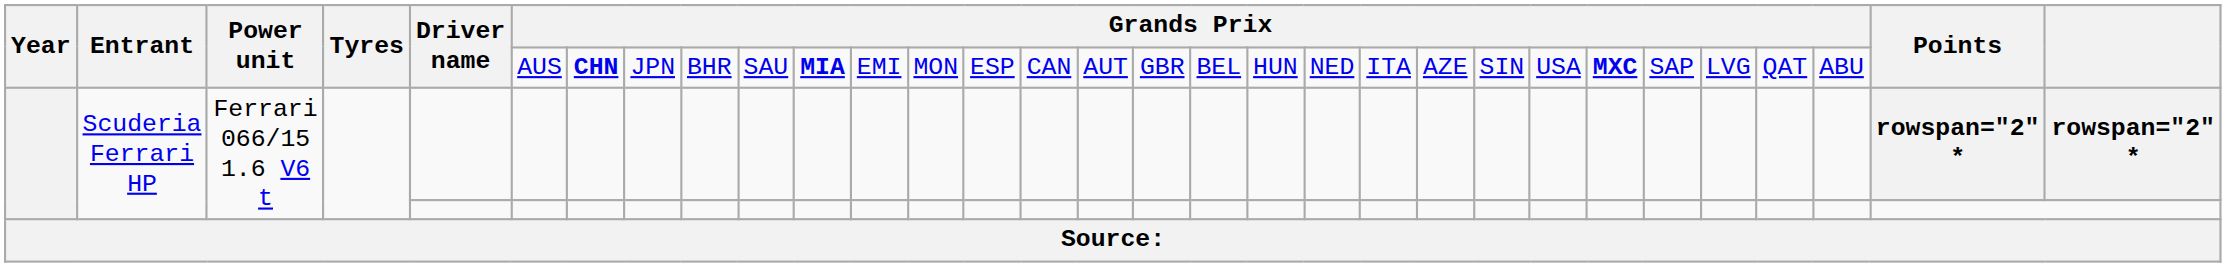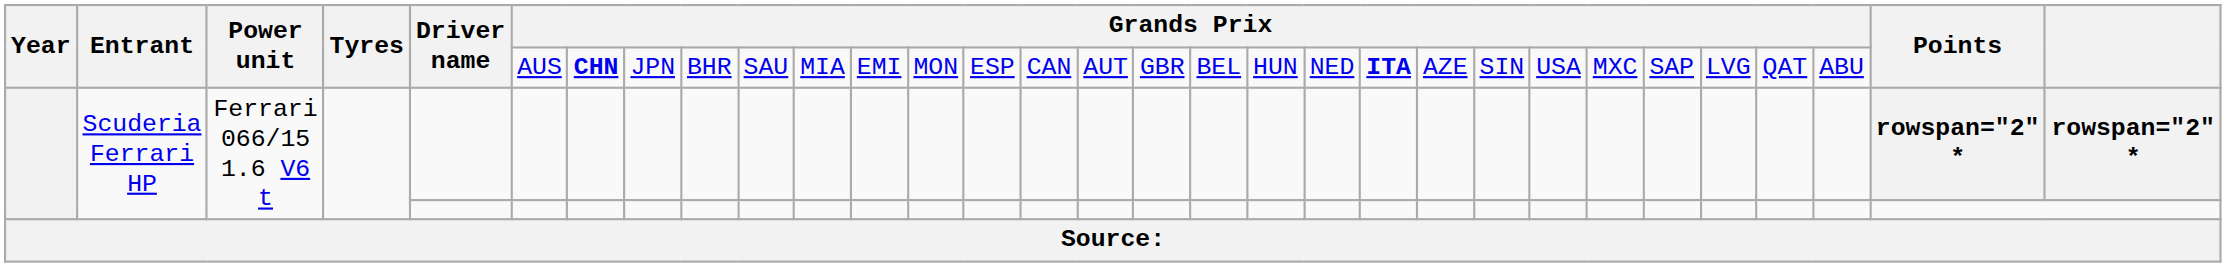 <table class="wikitable" style="text-align:center; font-size:90%">
 <tr>
 <th rowspan="2">Year</th>
 <th rowspan="2">Entrant</th>
 <th rowspan="2">Power unit</th>
 <th rowspan="2">Tyres</th>
 <th rowspan="2">Driver name</th>
 <th colspan="24">Grands Prix</th>
 <th rowspan="2">Points</th>
 <th rowspan="2"></th>
 </tr>
 <tr>
 <td><a href='#'>AUS</a></td>
 <td><strong><a href='#'>CHN</a></strong></td>
 <td><a href='#'>JPN</a></td>
 <td><a href='#'>BHR</a></td>
 <td><a href='#'>SAU</a></td>
-<td><strong><a href='#'>MIA</a></strong></td>
+<td><a href='#'>MIA</a></td>
 <td><a href='#'>EMI</a></td>
 <td><a href='#'>MON</a></td>
 <td><a href='#'>ESP</a></td>
 <td><a href='#'>CAN</a></td>
 <td><a href='#'>AUT</a></td>
 <td><a href='#'>GBR</a></td>
 <td><a href='#'>BEL</a></td>
 <td><a href='#'>HUN</a></td>
 <td><a href='#'>NED</a></td>
-<td><a href='#'>ITA</a></td>
+<td><strong><a href='#'>ITA</a></strong></td>
 <td><a href='#'>AZE</a></td>
 <td><a href='#'>SIN</a></td>
 <td><a href='#'>USA</a></td>
-<td><strong><a href='#'>MXC</a></strong></td>
+<td><a href='#'>MXC</a></td>
 <td><a href='#'>SAP</a></td>
 <td><a href='#'>LVG</a></td>
 <td><a href='#'>QAT</a></td>
 <td><a href='#'>ABU</a></td>
 </tr>
 <tr>
 <th rowspan="2"></th>
 <td rowspan="2"><a href='#'>Scuderia Ferrari HP</a></td>
 <td rowspan="2">Ferrari 066/15 1.6 <a href='#'>V6</a> <a href='#'>t</a></td>
 <td rowspan="2"></td>
 <td align=left></td>
 <td></td>
 <td></td>
 <td></td>
 <td></td>
 <td></td>
 <td></td>
 <td></td>
 <td></td>
 <td></td>
 <td></td>
 <td></td>
 <td></td>
 <td></td>
 <td></td>
 <td></td>
 <td></td>
 <td></td>
 <td></td>
 <td></td>
 <td></td>
 <td></td>
 <td></td>
 <td></td>
 <td></td>
 <th>rowspan="2" *</th>
 <th>rowspan="2" *</th>
 </tr>
 <tr>
 <td align=left></td>
 <td></td>
 <td></td>
 <td></td>
 <td></td>
 <td></td>
 <td></td>
 <td></td>
 <td></td>
 <td></td>
 <td></td>
 <td></td>
 <td></td>
 <td></td>
 <td></td>
 <td></td>
 <td></td>
 <td></td>
 <td></td>
 <td></td>
 <td></td>
 <td></td>
 <td></td>
 <td></td>
 <td></td>
 </tr>
 <tr>
 <th colspan="31">Source:</th>
 </tr>
 </table>
